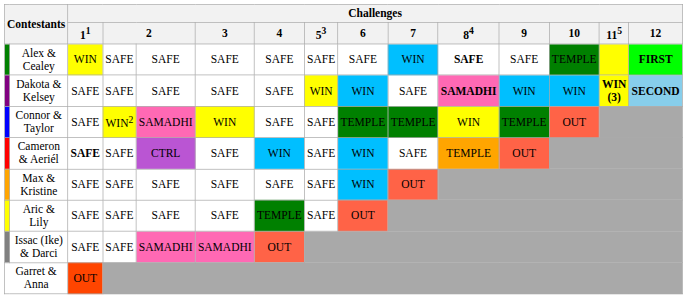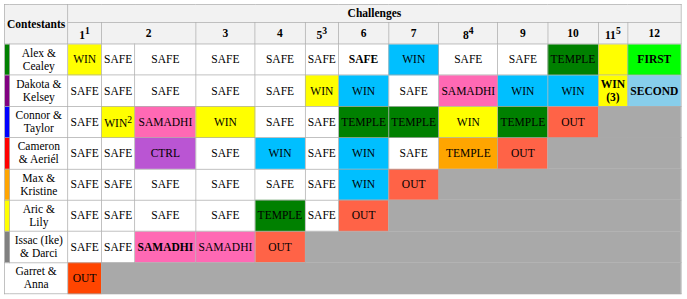 <table class="wikitable" style="text-align:center; background:white">
 <tr>
 <th colspan=2 rowspan=2>Contestants</th>
 <th colspan=13>Challenges</th>
 </tr>
 <tr>
 <th>1<sup>1</sup></th>
 <th colspan="2">2</th>
 <th>3</th>
 <th>4</th>
 <th>5<sup>3</sup></th>
 <th>6</th>
 <th>7</th>
 <th>8<sup>4</sup></th>
 <th>9</th>
 <th>10</th>
 <th>11<sup>5</sup></th>
 <th>12</th>
 </tr>
 <tr>
 <td style="background:green;"></td>
 <td>Alex & Cealey</td>
 <td style="background:yellow;">WIN</td>
 <td>SAFE</td>
 <td>SAFE</td>
 <td>SAFE</td>
 <td>SAFE</td>
 <td>SAFE</td>
+<td><strong>SAFE</strong></td>
+<td style="background:deepskyblue;">WIN</td>
 <td>SAFE</td>
-<td style="background:deepskyblue;">WIN</td>
-<td><strong>SAFE</strong></td>
 <td>SAFE</td>
 <td style="background:green;"><span>TEMPLE</span></td>
 <td style="background:yellow;"></td>
 <td style="background:lime;"><strong>FIRST</strong></td>
 </tr>
 <tr>
 <td style="background:purple;"></td>
 <td>Dakota & Kelsey</td>
 <td>SAFE</td>
 <td>SAFE</td>
 <td>SAFE</td>
 <td>SAFE</td>
 <td>SAFE</td>
 <td style="background:yellow;">WIN</td>
 <td style="background:deepskyblue;">WIN</td>
 <td>SAFE</td>
-<td style="background:hotpink;"><strong>SAMADHI</strong></td>
+<td style="background:hotpink;">SAMADHI</td>
 <td style="background:deepskyblue;">WIN</td>
 <td style="background:deepskyblue;">WIN</td>
 <td style="background:yellow;"><strong>WIN (3)</strong></td>
 <td style="background:skyblue;"><strong>SECOND</strong></td>
 </tr>
 <tr>
 <td style="background:blue;"></td>
 <td>Connor & Taylor</td>
 <td>SAFE</td>
 <td style="background:yellow;">WIN<sup>2</sup></td>
 <td style="background:hotpink;">SAMADHI</td>
 <td style="background:yellow;">WIN</td>
 <td>SAFE</td>
 <td>SAFE</td>
 <td style="background:green;"><span>TEMPLE</span></td>
 <td style="background:green;"><span>TEMPLE</span></td>
 <td style="background:yellow;">WIN</td>
 <td style="background:green;"><span>TEMPLE</span></td>
 <td style="background:tomato;">OUT</td>
 <td style="background:darkgrey;" colspan="3"></td>
 </tr>
 <tr>
 <td style="background:red;"></td>
 <td>Cameron & Aeriél</td>
-<td><strong>SAFE</strong></td>
+<td>SAFE</td>
 <td>SAFE</td>
 <td style="background:mediumorchid;">CTRL</td>
 <td>SAFE</td>
 <td style="background:deepskyblue;">WIN</td>
 <td>SAFE</td>
 <td style="background:deepskyblue;">WIN</td>
 <td>SAFE</td>
 <td style="background:orange;">TEMPLE</td>
 <td style="background:tomato;">OUT</td>
 <td style="background:darkgrey;" colspan="3"></td>
 </tr>
 <tr>
 <td style="background:orange;"></td>
 <td>Max & Kristine</td>
 <td>SAFE</td>
 <td>SAFE</td>
 <td>SAFE</td>
 <td>SAFE</td>
 <td>SAFE</td>
 <td>SAFE</td>
 <td style="background:deepskyblue;">WIN</td>
 <td style="background:tomato;">OUT</td>
 <td style="background:darkgrey;" colspan="5"></td>
 </tr>
 <tr>
 <td style="background:yellow;"></td>
 <td>Aric & Lily</td>
 <td>SAFE</td>
 <td>SAFE</td>
 <td>SAFE</td>
 <td>SAFE</td>
 <td style="background:green;"><span>TEMPLE</span></td>
 <td>SAFE</td>
 <td style="background:tomato;">OUT</td>
 <td style="background:darkgrey;" colspan="6"></td>
 </tr>
 <tr>
 <td style="background:gray;"></td>
 <td>Issac (Ike) & Darci</td>
 <td>SAFE</td>
 <td>SAFE</td>
-<td style="background:hotpink;">SAMADHI</td>
+<td style="background:hotpink;"><strong>SAMADHI</strong></td>
 <td style="background:hotpink;">SAMADHI</td>
 <td style="background:tomato;">OUT</td>
 <td style="background:darkgrey;" colspan="8"></td>
 </tr>
 <tr>
 <td colspan=2>Garret & Anna</td>
 <td style="background:orangered;">OUT</td>
 <td style="background:darkgrey;" colspan="12"></td>
 </tr>
 </table>
